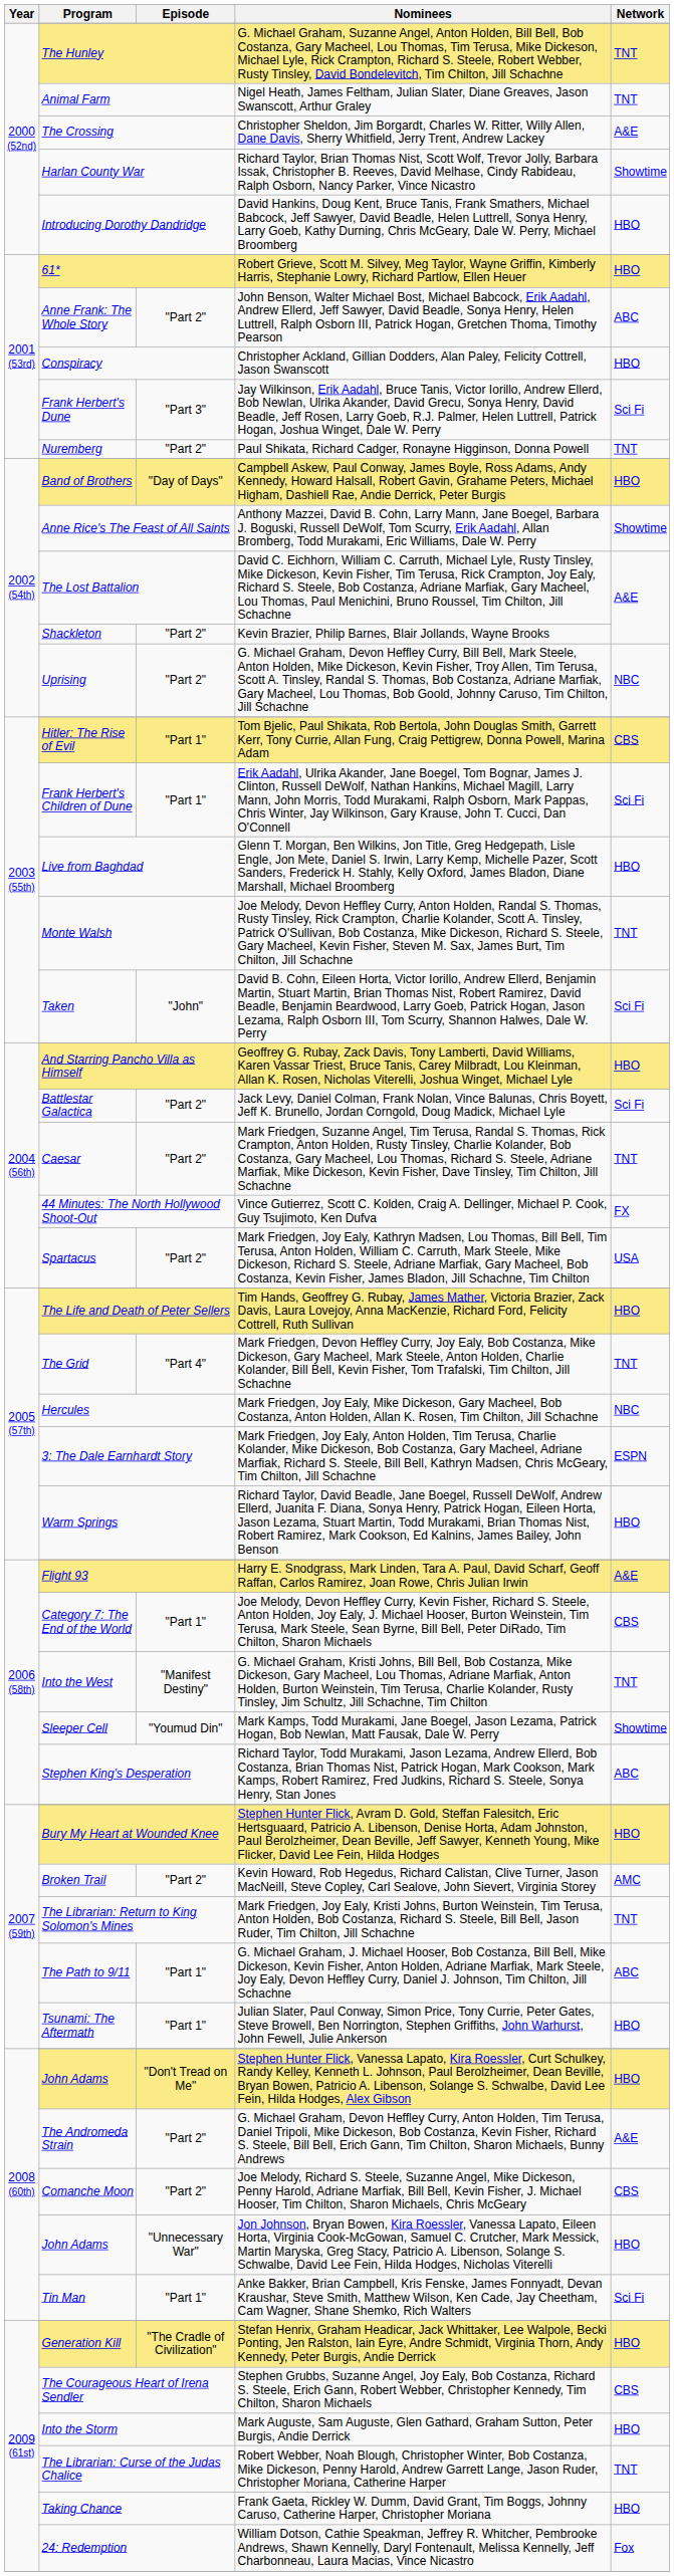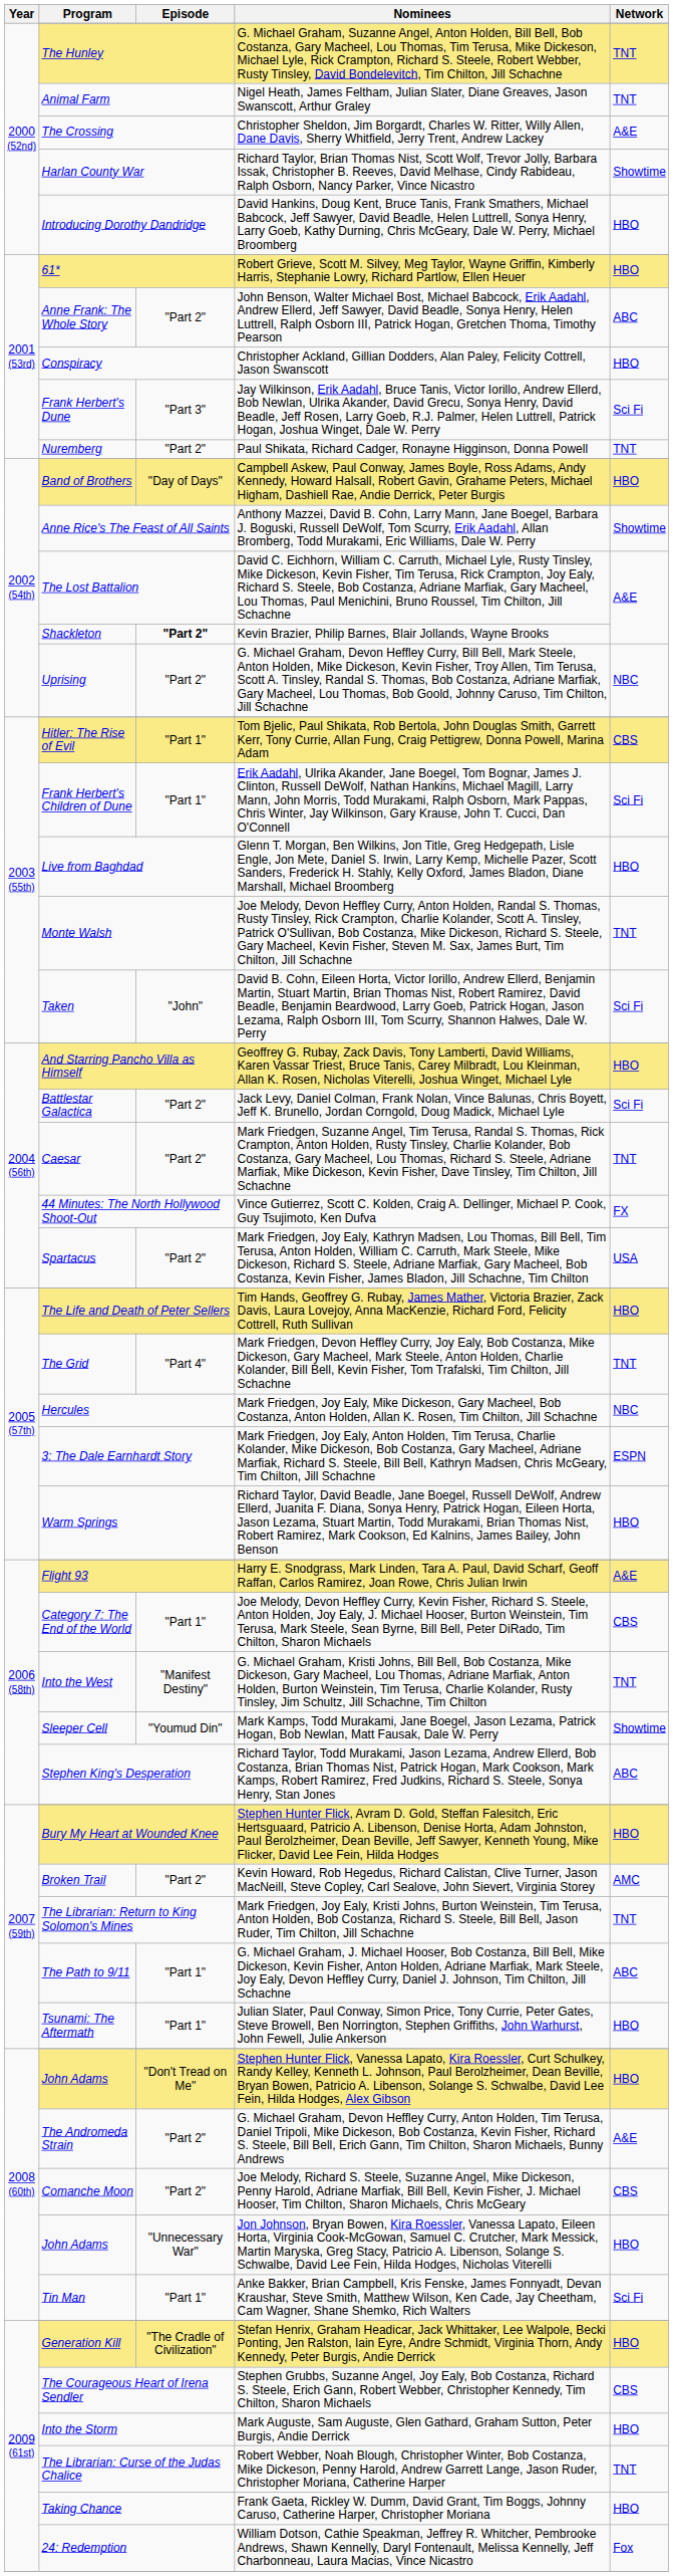 <table class="wikitable" style="width:100%">
 <tr bgcolor="#bebebe">
 <th width="5%">Year</th>
 <th width="15%">Program</th>
 <th width="15%">Episode</th>
 <th width="60%">Nominees</th>
 <th width="5%">Network</th>
 </tr>
 <tr>
 <td rowspan=6 style="text-align:center"><a href='#'>2000</a><br><small><a href='#'>(52nd)</a></small><br></td>
 </tr>
 <tr style="background:#FAEB86">
 <td colspan=2><em><a href='#'>The Hunley</a></em></td>
 <td>G. Michael Graham, Suzanne Angel, Anton Holden, Bill Bell, Bob Costanza, Gary Macheel, Lou Thomas, Tim Terusa, Mike Dickeson, Michael Lyle, Rick Crampton, Richard S. Steele, Robert Webber, Rusty Tinsley, <a href='#'>David Bondelevitch</a>, Tim Chilton, Jill Schachne</td>
 <td><a href='#'>TNT</a></td>
 </tr>
 <tr>
 <td colspan=2><em><a href='#'>Animal Farm</a></em></td>
 <td>Nigel Heath, James Feltham, Julian Slater, Diane Greaves, Jason Swanscott, Arthur Graley</td>
 <td><a href='#'>TNT</a></td>
 </tr>
 <tr>
 <td colspan=2><em><a href='#'>The Crossing</a></em></td>
 <td>Christopher Sheldon, Jim Borgardt, Charles W. Ritter, Willy Allen, <a href='#'>Dane Davis</a>, Sherry Whitfield, Jerry Trent, Andrew Lackey</td>
 <td><a href='#'>A&E</a></td>
 </tr>
 <tr>
 <td colspan=2><em><a href='#'>Harlan County War</a></em></td>
 <td>Richard Taylor, Brian Thomas Nist, Scott Wolf, Trevor Jolly, Barbara Issak, Christopher B. Reeves, David Melhase, Cindy Rabideau, Ralph Osborn, Nancy Parker, Vince Nicastro</td>
 <td><a href='#'>Showtime</a></td>
 </tr>
 <tr>
 <td colspan=2><em><a href='#'>Introducing Dorothy Dandridge</a></em></td>
 <td>David Hankins, Doug Kent, Bruce Tanis, Frank Smathers, Michael Babcock, Jeff Sawyer, David Beadle, Helen Luttrell, Sonya Henry, Larry Goeb, Kathy Durning, Chris McGeary, Dale W. Perry, Michael Broomberg</td>
 <td><a href='#'>HBO</a></td>
 </tr>
 <tr>
 <td rowspan=6 style="text-align:center"><a href='#'>2001</a><br><small><a href='#'>(53rd)</a></small><br></td>
 </tr>
 <tr style="background:#FAEB86">
 <td colspan=2><em><a href='#'>61*</a></em></td>
 <td>Robert Grieve, Scott M. Silvey, Meg Taylor, Wayne Griffin, Kimberly Harris, Stephanie Lowry, Richard Partlow, Ellen Heuer</td>
 <td><a href='#'>HBO</a></td>
 </tr>
 <tr>
 <td><em><a href='#'>Anne Frank: The Whole Story</a></em></td>
 <td align=center>"Part 2"</td>
 <td>John Benson, Walter Michael Bost, Michael Babcock, <a href='#'>Erik Aadahl</a>, Andrew Ellerd, Jeff Sawyer, David Beadle, Sonya Henry, Helen Luttrell, Ralph Osborn III, Patrick Hogan, Gretchen Thoma, Timothy Pearson</td>
 <td><a href='#'>ABC</a></td>
 </tr>
 <tr>
 <td colspan=2><em><a href='#'>Conspiracy</a></em></td>
 <td>Christopher Ackland, Gillian Dodders, Alan Paley, Felicity Cottrell, Jason Swanscott</td>
 <td><a href='#'>HBO</a></td>
 </tr>
 <tr>
 <td><em><a href='#'>Frank Herbert's Dune</a></em></td>
 <td align=center>"Part 3"</td>
 <td>Jay Wilkinson, <a href='#'>Erik Aadahl</a>, Bruce Tanis, Victor Iorillo, Andrew Ellerd, Bob Newlan, Ulrika Akander, David Grecu, Sonya Henry, David Beadle, Jeff Rosen, Larry Goeb, R.J. Palmer, Helen Luttrell, Patrick Hogan, Joshua Winget, Dale W. Perry</td>
 <td><a href='#'>Sci Fi</a></td>
 </tr>
 <tr>
 <td><em><a href='#'>Nuremberg</a></em></td>
 <td align=center>"Part 2"</td>
 <td>Paul Shikata, Richard Cadger, Ronayne Higginson, Donna Powell</td>
 <td><a href='#'>TNT</a></td>
 </tr>
 <tr>
 <td rowspan=6 style="text-align:center"><a href='#'>2002</a><br><small><a href='#'>(54th)</a></small><br></td>
 </tr>
 <tr style="background:#FAEB86">
 <td><em><a href='#'>Band of Brothers</a></em></td>
 <td align=center>"Day of Days"</td>
 <td>Campbell Askew, Paul Conway, James Boyle, Ross Adams, Andy Kennedy, Howard Halsall, Robert Gavin, Grahame Peters, Michael Higham, Dashiell Rae, Andie Derrick, Peter Burgis</td>
 <td><a href='#'>HBO</a></td>
 </tr>
 <tr>
 <td colspan=2><em><a href='#'>Anne Rice's The Feast of All Saints</a></em></td>
 <td>Anthony Mazzei, David B. Cohn, Larry Mann, Jane Boegel, Barbara J. Boguski, Russell DeWolf, Tom Scurry, <a href='#'>Erik Aadahl</a>, Allan Bromberg, Todd Murakami, Eric Williams, Dale W. Perry</td>
 <td><a href='#'>Showtime</a></td>
 </tr>
 <tr>
 <td colspan=2><em><a href='#'>The Lost Battalion</a></em></td>
 <td>David C. Eichhorn, William C. Carruth, Michael Lyle, Rusty Tinsley, Mike Dickeson, Kevin Fisher, Tim Terusa, Rick Crampton, Joy Ealy, Richard S. Steele, Bob Costanza, Adriane Marfiak, Gary Macheel, Lou Thomas, Paul Menichini, Bruno Roussel, Tim Chilton, Jill Schachne</td>
 <td rowspan=2><a href='#'>A&E</a></td>
 </tr>
 <tr>
 <td><em><a href='#'>Shackleton</a></em></td>
-<td align=center>"Part 2"</td>
+<td align=center><strong>"Part 2"</strong></td>
 <td>Kevin Brazier, Philip Barnes, Blair Jollands, Wayne Brooks</td>
 </tr>
 <tr>
 <td><em><a href='#'>Uprising</a></em></td>
 <td align=center>"Part 2"</td>
 <td>G. Michael Graham, Devon Heffley Curry, Bill Bell, Mark Steele, Anton Holden, Mike Dickeson, Kevin Fisher, Troy Allen, Tim Terusa, Scott A. Tinsley, Randal S. Thomas, Bob Costanza, Adriane Marfiak, Gary Macheel, Lou Thomas, Bob Goold, Johnny Caruso, Tim Chilton, Jill Schachne</td>
 <td><a href='#'>NBC</a></td>
 </tr>
 <tr>
 <td rowspan=6 style="text-align:center"><a href='#'>2003</a><br><small><a href='#'>(55th)</a></small><br></td>
 </tr>
 <tr style="background:#FAEB86">
 <td><em><a href='#'>Hitler: The Rise of Evil</a></em></td>
 <td align=center>"Part 1"</td>
 <td>Tom Bjelic, Paul Shikata, Rob Bertola, John Douglas Smith, Garrett Kerr, Tony Currie, Allan Fung, Craig Pettigrew, Donna Powell, Marina Adam</td>
 <td><a href='#'>CBS</a></td>
 </tr>
 <tr>
 <td><em><a href='#'>Frank Herbert's Children of Dune</a></em></td>
 <td align=center>"Part 1"</td>
 <td><a href='#'>Erik Aadahl</a>, Ulrika Akander, Jane Boegel, Tom Bognar, James J. Clinton, Russell DeWolf, Nathan Hankins, Michael Magill, Larry Mann, John Morris, Todd Murakami, Ralph Osborn, Mark Pappas, Chris Winter, Jay Wilkinson, Gary Krause, John T. Cucci, Dan O'Connell</td>
 <td><a href='#'>Sci Fi</a></td>
 </tr>
 <tr>
 <td colspan=2><em><a href='#'>Live from Baghdad</a></em></td>
 <td>Glenn T. Morgan, Ben Wilkins, Jon Title, Greg Hedgepath, Lisle Engle, Jon Mete, Daniel S. Irwin, Larry Kemp, Michelle Pazer, Scott Sanders, Frederick H. Stahly, Kelly Oxford, James Bladon, Diane Marshall, Michael Broomberg</td>
 <td><a href='#'>HBO</a></td>
 </tr>
 <tr>
 <td colspan=2><em><a href='#'>Monte Walsh</a></em></td>
 <td>Joe Melody, Devon Heffley Curry, Anton Holden, Randal S. Thomas, Rusty Tinsley, Rick Crampton, Charlie Kolander, Scott A. Tinsley, Patrick O'Sullivan, Bob Costanza, Mike Dickeson, Richard S. Steele, Gary Macheel, Kevin Fisher, Steven M. Sax, James Burt, Tim Chilton, Jill Schachne</td>
 <td><a href='#'>TNT</a></td>
 </tr>
 <tr>
 <td><em><a href='#'>Taken</a></em></td>
 <td align=center>"John"</td>
 <td>David B. Cohn, Eileen Horta, Victor Iorillo, Andrew Ellerd, Benjamin Martin, Stuart Martin, Brian Thomas Nist, Robert Ramirez, David Beadle, Benjamin Beardwood, Larry Goeb, Patrick Hogan, Jason Lezama, Ralph Osborn III, Tom Scurry, Shannon Halwes, Dale W. Perry</td>
 <td><a href='#'>Sci Fi</a></td>
 </tr>
 <tr>
 <td rowspan=6 style="text-align:center"><a href='#'>2004</a><br><small><a href='#'>(56th)</a></small><br></td>
 </tr>
 <tr style="background:#FAEB86">
 <td colspan=2><em><a href='#'>And Starring Pancho Villa as Himself</a></em></td>
 <td>Geoffrey G. Rubay, Zack Davis, Tony Lamberti, David Williams, Karen Vassar Triest, Bruce Tanis, Carey Milbradt, Lou Kleinman, Allan K. Rosen, Nicholas Viterelli, Joshua Winget, Michael Lyle</td>
 <td><a href='#'>HBO</a></td>
 </tr>
 <tr>
 <td><em><a href='#'>Battlestar Galactica</a></em></td>
 <td align=center>"Part 2"</td>
 <td>Jack Levy, Daniel Colman, Frank Nolan, Vince Balunas, Chris Boyett, Jeff K. Brunello, Jordan Corngold, Doug Madick, Michael Lyle</td>
 <td><a href='#'>Sci Fi</a></td>
 </tr>
 <tr>
 <td><em><a href='#'>Caesar</a></em></td>
 <td align=center>"Part 2"</td>
 <td>Mark Friedgen, Suzanne Angel, Tim Terusa, Randal S. Thomas, Rick Crampton, Anton Holden, Rusty Tinsley, Charlie Kolander, Bob Costanza, Gary Macheel, Lou Thomas, Richard S. Steele, Adriane Marfiak, Mike Dickeson, Kevin Fisher, Dave Tinsley, Tim Chilton, Jill Schachne</td>
 <td><a href='#'>TNT</a></td>
 </tr>
 <tr>
 <td colspan=2><em><a href='#'>44 Minutes: The North Hollywood Shoot-Out</a></em></td>
 <td>Vince Gutierrez, Scott C. Kolden, Craig A. Dellinger, Michael P. Cook, Guy Tsujimoto, Ken Dufva</td>
 <td><a href='#'>FX</a></td>
 </tr>
 <tr>
 <td><em><a href='#'>Spartacus</a></em></td>
 <td align=center>"Part 2"</td>
 <td>Mark Friedgen, Joy Ealy, Kathryn Madsen, Lou Thomas, Bill Bell, Tim Terusa, Anton Holden, William C. Carruth, Mark Steele, Mike Dickeson, Richard S. Steele, Adriane Marfiak, Gary Macheel, Bob Costanza, Kevin Fisher, James Bladon, Jill Schachne, Tim Chilton</td>
 <td><a href='#'>USA</a></td>
 </tr>
 <tr>
 <td rowspan=6 style="text-align:center"><a href='#'>2005</a><br><small><a href='#'>(57th)</a></small><br></td>
 </tr>
 <tr style="background:#FAEB86">
 <td colspan=2><em><a href='#'>The Life and Death of Peter Sellers</a></em></td>
 <td>Tim Hands, Geoffrey G. Rubay, <a href='#'>James Mather</a>, Victoria Brazier, Zack Davis, Laura Lovejoy, Anna MacKenzie, Richard Ford, Felicity Cottrell, Ruth Sullivan</td>
 <td><a href='#'>HBO</a></td>
 </tr>
 <tr>
 <td><em><a href='#'>The Grid</a></em></td>
 <td align=center>"Part 4"</td>
 <td>Mark Friedgen, Devon Heffley Curry, Joy Ealy, Bob Costanza, Mike Dickeson, Gary Macheel, Mark Steele, Anton Holden, Charlie Kolander, Bill Bell, Kevin Fisher, Tom Trafalski, Tim Chilton, Jill Schachne</td>
 <td><a href='#'>TNT</a></td>
 </tr>
 <tr>
 <td colspan=2><em><a href='#'>Hercules</a></em></td>
 <td>Mark Friedgen, Joy Ealy, Mike Dickeson, Gary Macheel, Bob Costanza, Anton Holden, Allan K. Rosen, Tim Chilton, Jill Schachne</td>
 <td><a href='#'>NBC</a></td>
 </tr>
 <tr>
 <td colspan=2><em><a href='#'>3: The Dale Earnhardt Story</a></em></td>
 <td>Mark Friedgen, Joy Ealy, Anton Holden, Tim Terusa, Charlie Kolander, Mike Dickeson, Bob Costanza, Gary Macheel, Adriane Marfiak, Richard S. Steele, Bill Bell, Kathryn Madsen, Chris McGeary, Tim Chilton, Jill Schachne</td>
 <td><a href='#'>ESPN</a></td>
 </tr>
 <tr>
 <td colspan=2><em><a href='#'>Warm Springs</a></em></td>
 <td>Richard Taylor, David Beadle, Jane Boegel, Russell DeWolf, Andrew Ellerd, Juanita F. Diana, Sonya Henry, Patrick Hogan, Eileen Horta, Jason Lezama, Stuart Martin, Todd Murakami, Brian Thomas Nist, Robert Ramirez, Mark Cookson, Ed Kalnins, James Bailey, John Benson</td>
 <td><a href='#'>HBO</a></td>
 </tr>
 <tr>
 <td rowspan=6 style="text-align:center"><a href='#'>2006</a><br><small><a href='#'>(58th)</a></small><br></td>
 </tr>
 <tr style="background:#FAEB86">
 <td colspan=2><em><a href='#'>Flight 93</a></em></td>
 <td>Harry E. Snodgrass, Mark Linden, Tara A. Paul, David Scharf, Geoff Raffan, Carlos Ramirez, Joan Rowe, Chris Julian Irwin</td>
 <td><a href='#'>A&E</a></td>
 </tr>
 <tr>
 <td><em><a href='#'>Category 7: The End of the World</a></em></td>
 <td align=center>"Part 1"</td>
 <td>Joe Melody, Devon Heffley Curry, Kevin Fisher, Richard S. Steele, Anton Holden, Joy Ealy, J. Michael Hooser, Burton Weinstein, Tim Terusa, Mark Steele, Sean Byrne, Bill Bell, Peter DiRado, Tim Chilton, Sharon Michaels</td>
 <td><a href='#'>CBS</a></td>
 </tr>
 <tr>
 <td><em><a href='#'>Into the West</a></em></td>
 <td align=center>"Manifest Destiny"</td>
 <td>G. Michael Graham, Kristi Johns, Bill Bell, Bob Costanza, Mike Dickeson, Gary Macheel, Lou Thomas, Adriane Marfiak, Anton Holden, Burton Weinstein, Tim Terusa, Charlie Kolander, Rusty Tinsley, Jim Schultz, Jill Schachne, Tim Chilton</td>
 <td><a href='#'>TNT</a></td>
 </tr>
 <tr>
 <td><em><a href='#'>Sleeper Cell</a></em></td>
 <td align=center>"Youmud Din"</td>
 <td>Mark Kamps, Todd Murakami, Jane Boegel, Jason Lezama, Patrick Hogan, Bob Newlan, Matt Fausak, Dale W. Perry</td>
 <td><a href='#'>Showtime</a></td>
 </tr>
 <tr>
 <td colspan=2><em><a href='#'>Stephen King's Desperation</a></em></td>
 <td>Richard Taylor, Todd Murakami, Jason Lezama, Andrew Ellerd, Bob Costanza, Brian Thomas Nist, Patrick Hogan, Mark Cookson, Mark Kamps, Robert Ramirez, Fred Judkins, Richard S. Steele, Sonya Henry, Stan Jones</td>
 <td><a href='#'>ABC</a></td>
 </tr>
 <tr>
 <td rowspan=6 style="text-align:center"><a href='#'>2007</a><br><small><a href='#'>(59th)</a></small><br></td>
 </tr>
 <tr style="background:#FAEB86">
 <td colspan=2><em><a href='#'>Bury My Heart at Wounded Knee</a></em></td>
 <td><a href='#'>Stephen Hunter Flick</a>, Avram D. Gold, Steffan Falesitch, Eric Hertsguaard, Patricio A. Libenson, Denise Horta, Adam Johnston, Paul Berolzheimer, Dean Beville, Jeff Sawyer, Kenneth Young, Mike Flicker, David Lee Fein, Hilda Hodges</td>
 <td><a href='#'>HBO</a></td>
 </tr>
 <tr>
 <td><em><a href='#'>Broken Trail</a></em></td>
 <td align=center>"Part 2"</td>
 <td>Kevin Howard, Rob Hegedus, Richard Calistan, Clive Turner, Jason MacNeill, Steve Copley, Carl Sealove, John Sievert, Virginia Storey</td>
 <td><a href='#'>AMC</a></td>
 </tr>
 <tr>
 <td colspan=2><em><a href='#'>The Librarian: Return to King Solomon's Mines</a></em></td>
 <td>Mark Friedgen, Joy Ealy, Kristi Johns, Burton Weinstein, Tim Terusa, Anton Holden, Bob Costanza, Richard S. Steele, Bill Bell, Jason Ruder, Tim Chilton, Jill Schachne</td>
 <td><a href='#'>TNT</a></td>
 </tr>
 <tr>
 <td><em><a href='#'>The Path to 9/11</a></em></td>
 <td align=center>"Part 1"</td>
 <td>G. Michael Graham, J. Michael Hooser, Bob Costanza, Bill Bell, Mike Dickeson, Kevin Fisher, Anton Holden, Adriane Marfiak, Mark Steele, Joy Ealy, Devon Heffley Curry, Daniel J. Johnson, Tim Chilton, Jill Schachne</td>
 <td><a href='#'>ABC</a></td>
 </tr>
 <tr>
 <td><em><a href='#'>Tsunami: The Aftermath</a></em></td>
 <td align=center>"Part 1"</td>
 <td>Julian Slater, Paul Conway, Simon Price, Tony Currie, Peter Gates, Steve Browell, Ben Norrington, Stephen Griffiths, <a href='#'>John Warhurst</a>, John Fewell, Julie Ankerson</td>
 <td><a href='#'>HBO</a></td>
 </tr>
 <tr>
 <td rowspan=6 style="text-align:center"><a href='#'>2008</a><br><small><a href='#'>(60th)</a></small><br></td>
 </tr>
 <tr style="background:#FAEB86">
 <td><em><a href='#'>John Adams</a></em></td>
 <td align=center>"Don't Tread on Me"</td>
 <td><a href='#'>Stephen Hunter Flick</a>, Vanessa Lapato, <a href='#'>Kira Roessler</a>, Curt Schulkey, Randy Kelley, Kenneth L. Johnson, Paul Berolzheimer, Dean Beville, Bryan Bowen, Patricio A. Libenson, Solange S. Schwalbe, David Lee Fein, Hilda Hodges, <a href='#'>Alex Gibson</a></td>
 <td><a href='#'>HBO</a></td>
 </tr>
 <tr>
 <td><em><a href='#'>The Andromeda Strain</a></em></td>
 <td align=center>"Part 2"</td>
 <td>G. Michael Graham, Devon Heffley Curry, Anton Holden, Tim Terusa, Daniel Tripoli, Mike Dickeson, Bob Costanza, Kevin Fisher, Richard S. Steele, Bill Bell, Erich Gann, Tim Chilton, Sharon Michaels, Bunny Andrews</td>
 <td><a href='#'>A&E</a></td>
 </tr>
 <tr>
 <td><em><a href='#'>Comanche Moon</a></em></td>
 <td align=center>"Part 2"</td>
 <td>Joe Melody, Richard S. Steele, Suzanne Angel, Mike Dickeson, Penny Harold, Adriane Marfiak, Bill Bell, Kevin Fisher, J. Michael Hooser, Tim Chilton, Sharon Michaels, Chris McGeary</td>
 <td><a href='#'>CBS</a></td>
 </tr>
 <tr>
 <td><em><a href='#'>John Adams</a></em></td>
 <td align=center>"Unnecessary War"</td>
 <td><a href='#'>Jon Johnson</a>, Bryan Bowen, <a href='#'>Kira Roessler</a>, Vanessa Lapato, Eileen Horta, Virginia Cook-McGowan, Samuel C. Crutcher, Mark Messick, Martin Maryska, Greg Stacy, Patricio A. Libenson, Solange S. Schwalbe, David Lee Fein, Hilda Hodges, Nicholas Viterelli</td>
 <td><a href='#'>HBO</a></td>
 </tr>
 <tr>
 <td><em><a href='#'>Tin Man</a></em></td>
 <td align=center>"Part 1"</td>
 <td>Anke Bakker, Brian Campbell, Kris Fenske, James Fonnyadt, Devan Kraushar, Steve Smith, Matthew Wilson, Ken Cade, Jay Cheetham, Cam Wagner, Shane Shemko, Rich Walters</td>
 <td><a href='#'>Sci Fi</a></td>
 </tr>
 <tr>
 <td rowspan=7 style="text-align:center"><a href='#'>2009</a><br><small><a href='#'>(61st)</a></small><br></td>
 </tr>
 <tr style="background:#FAEB86">
 <td><em><a href='#'>Generation Kill</a></em></td>
 <td align=center>"The Cradle of Civilization"</td>
 <td>Stefan Henrix, Graham Headicar, Jack Whittaker, Lee Walpole, Becki Ponting, Jen Ralston, Iain Eyre, Andre Schmidt, Virginia Thorn, Andy Kennedy, Peter Burgis, Andie Derrick</td>
 <td><a href='#'>HBO</a></td>
 </tr>
 <tr>
 <td colspan=2><em><a href='#'>The Courageous Heart of Irena Sendler</a></em></td>
 <td>Stephen Grubbs, Suzanne Angel, Joy Ealy, Bob Costanza, Richard S. Steele, Erich Gann, Robert Webber, Christopher Kennedy, Tim Chilton, Sharon Michaels</td>
 <td><a href='#'>CBS</a></td>
 </tr>
 <tr>
 <td colspan=2><em><a href='#'>Into the Storm</a></em></td>
 <td>Mark Auguste, Sam Auguste, Glen Gathard, Graham Sutton, Peter Burgis, Andie Derrick</td>
 <td><a href='#'>HBO</a></td>
 </tr>
 <tr>
 <td colspan=2><em><a href='#'>The Librarian: Curse of the Judas Chalice</a></em></td>
 <td>Robert Webber, Noah Blough, Christopher Winter, Bob Costanza, Mike Dickeson, Penny Harold, Andrew Garrett Lange, Jason Ruder, Christopher Moriana, Catherine Harper</td>
 <td><a href='#'>TNT</a></td>
 </tr>
 <tr>
 <td colspan=2><em><a href='#'>Taking Chance</a></em></td>
 <td>Frank Gaeta, Rickley W. Dumm, David Grant, Tim Boggs, Johnny Caruso, Catherine Harper, Christopher Moriana</td>
 <td><a href='#'>HBO</a></td>
 </tr>
 <tr>
 <td colspan=2><em><a href='#'>24: Redemption</a></em></td>
 <td>William Dotson, Cathie Speakman, Jeffrey R. Whitcher, Pembrooke Andrews, Shawn Kennelly, Daryl Fontenault, Melissa Kennelly, Jeff Charbonneau, Laura Macias, Vince Nicastro</td>
 <td><a href='#'>Fox</a></td>
 </tr>
 <tr>
 </tr>
 </table>
